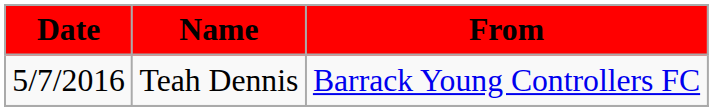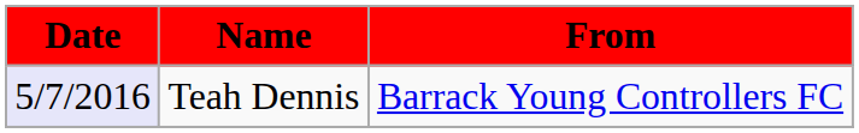 <table class="wikitable sortable">
 <tr>
 <th style="background:Red; color:Black;">Date</th>
 <th style="background:Red; color:Black;">Name</th>
 <th style="background:Red; color:Black;">From</th>
 </tr>
 <tr>
-<td>5/7/2016</td>
+<td style="background: lavender;">5/7/2016</td>
 <td> Teah Dennis</td>
 <td> <a href='#'>Barrack Young Controllers FC</a></td>
 </tr>
 <tr>
 </tr>
 </table>
